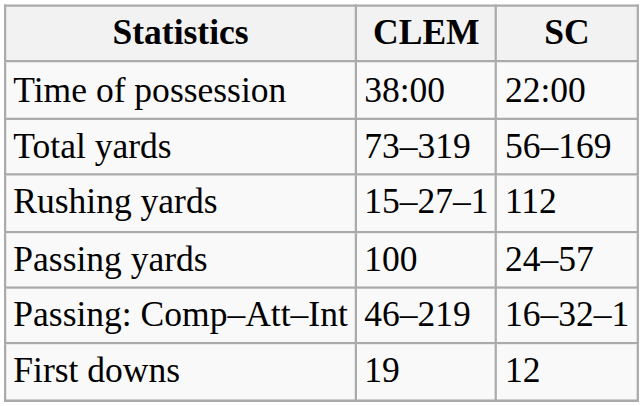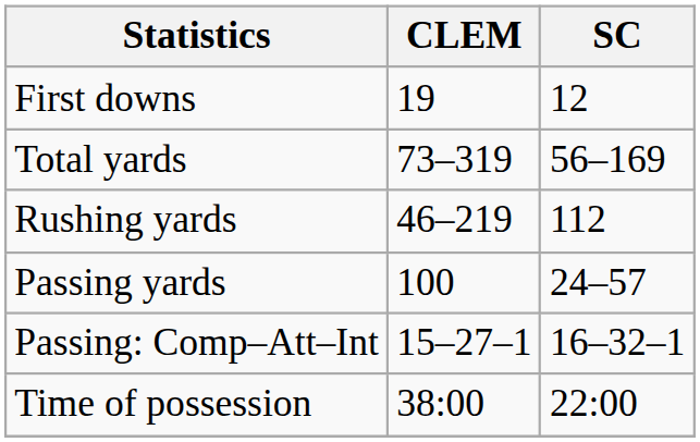 <table class="wikitable" style="float: left;">
 <tr>
 <th>Statistics</th>
 <th>CLEM</th>
 <th>SC</th>
 </tr>
 <tr>
-<td>Time of possession</td>
-<td>38:00</td>
-<td>22:00</td>
+<td>First downs</td>
+<td>19</td>
+<td>12</td>
 </tr>
 <tr>
 <td>Total yards</td>
 <td>73–319</td>
 <td>56–169</td>
 </tr>
 <tr>
 <td>Rushing yards</td>
-<td>15–27–1</td>
+<td>46–219</td>
 <td>112</td>
 </tr>
 <tr>
 <td>Passing yards</td>
 <td>100</td>
 <td>24–57</td>
 </tr>
 <tr>
 <td>Passing: Comp–Att–Int</td>
-<td>46–219</td>
+<td>15–27–1</td>
 <td>16–32–1</td>
 </tr>
 <tr>
-<td>First downs</td>
-<td>19</td>
-<td>12</td>
+<td>Time of possession</td>
+<td>38:00</td>
+<td>22:00</td>
 </tr>
 <tr>
 </tr>
 </table>
